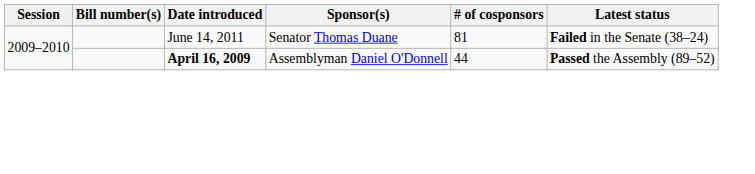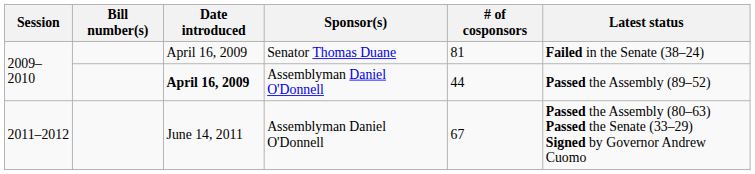 <table class="wikitable">
 <tr>
 <th>Session</th>
 <th>Bill number(s)</th>
 <th>Date introduced</th>
 <th>Sponsor(s)</th>
 <th># of cosponsors</th>
 <th>Latest status</th>
 </tr>
 <tr>
 <td rowspan=2>2009–2010</td>
 <td></td>
-<td>June 14, 2011</td>
+<td>April 16, 2009</td>
 <td>Senator <a href='#'>Thomas Duane</a></td>
 <td>81</td>
 <td><strong>Failed</strong> in the Senate (38–24)</td>
 </tr>
 <tr>
 <td></td>
 <td><strong>April 16, 2009</strong></td>
 <td>Assemblyman <a href='#'>Daniel O'Donnell</a></td>
 <td>44</td>
 <td><strong>Passed</strong> the Assembly (89–52)</td>
 </tr>
+<tr>
+<td>2011–2012</td>
+<td></td>
+<td>June 14, 2011</td>
+<td>Assemblyman Daniel O'Donnell</td>
+<td>67</td>
+<td><strong>Passed</strong> the Assembly (80–63)<br><strong>Passed</strong> the Senate (33–29)<br> <strong>Signed</strong> by Governor Andrew Cuomo</td>
+</tr>
 </table>
